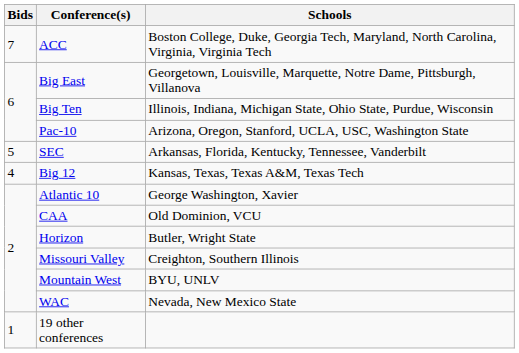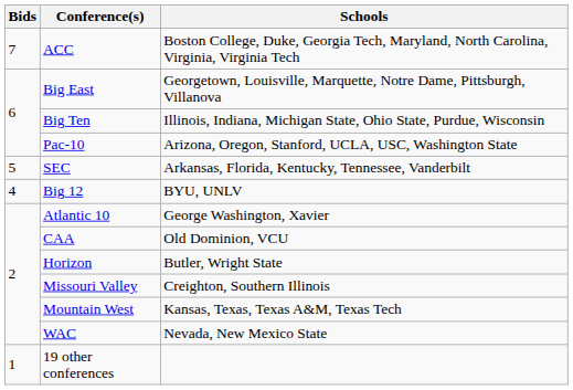 <table class="wikitable">
 <tr>
 <th>Bids</th>
 <th>Conference(s)</th>
 <th>Schools</th>
 </tr>
 <tr>
 <td>7</td>
 <td><a href='#'>ACC</a></td>
 <td>Boston College, Duke, Georgia Tech, Maryland, North Carolina, Virginia, Virginia Tech</td>
 </tr>
 <tr>
 <td rowspan="3">6</td>
 <td><a href='#'>Big East</a></td>
 <td>Georgetown, Louisville, Marquette, Notre Dame, Pittsburgh, Villanova</td>
 </tr>
 <tr>
 <td><a href='#'>Big Ten</a></td>
 <td>Illinois, Indiana, Michigan State, Ohio State, Purdue, Wisconsin</td>
 </tr>
 <tr>
 <td><a href='#'>Pac-10</a></td>
 <td>Arizona, Oregon, Stanford, UCLA, USC, Washington State</td>
 </tr>
 <tr>
 <td>5</td>
 <td><a href='#'>SEC</a></td>
 <td>Arkansas, Florida, Kentucky, Tennessee, Vanderbilt</td>
 </tr>
 <tr>
 <td>4</td>
 <td><a href='#'>Big 12</a></td>
-<td>Kansas, Texas, Texas A&M, Texas Tech</td>
+<td>BYU, UNLV</td>
 </tr>
 <tr>
 <td rowspan="6">2</td>
 <td><a href='#'>Atlantic 10</a></td>
 <td>George Washington, Xavier</td>
 </tr>
 <tr>
 <td><a href='#'>CAA</a></td>
 <td>Old Dominion, VCU</td>
 </tr>
 <tr>
 <td><a href='#'>Horizon</a></td>
 <td>Butler, Wright State</td>
 </tr>
 <tr>
 <td><a href='#'>Missouri Valley</a></td>
 <td>Creighton, Southern Illinois</td>
 </tr>
 <tr>
 <td><a href='#'>Mountain West</a></td>
-<td>BYU, UNLV</td>
+<td>Kansas, Texas, Texas A&M, Texas Tech</td>
 </tr>
 <tr>
 <td><a href='#'>WAC</a></td>
 <td>Nevada, New Mexico State</td>
 </tr>
 <tr>
 <td>1</td>
 <td>19 other conferences</td>
 </tr>
 </table>
